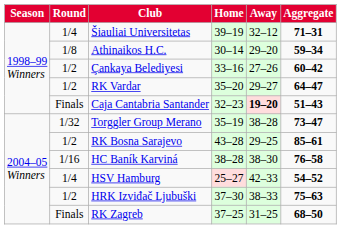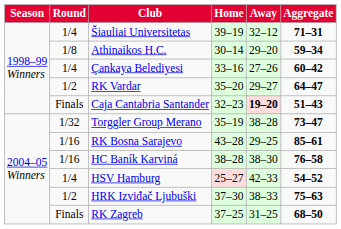 <table class="wikitable">
 <tr>
 <th style="color:#FFFFFF; background:#E30032">Season</th>
 <th style="color:#FFFFFF; background:#E30032">Round</th>
 <th style="color:#FFFFFF; background:#E30032">Club</th>
 <th style="color:#FFFFFF; background:#E30032">Home</th>
 <th style="color:#FFFFFF; background:#E30032">Away</th>
 <th style="color:#FFFFFF; background:#E30032">Aggregate</th>
 </tr>
 <tr>
 <td rowspan=5><a href='#'>1998–99</a><br> <em>Winners</em></td>
 <td align=center>1/4</td>
 <td> <a href='#'>Šiauliai Universitetas</a></td>
 <td style="text-align:center; background:#dfd;">39–19</td>
 <td style="text-align:center; background:#dfd;">32–12</td>
 <td style="text-align:center;"><strong>71–31</strong></td>
 </tr>
 <tr>
 <td align=center>1/8</td>
 <td> <a href='#'>Athinaikos H.C.</a></td>
 <td style="text-align:center; background:#dfd;">30–14</td>
 <td style="text-align:center; background:#dfd;">29–20</td>
 <td style="text-align:center;"><strong>59–34</strong></td>
 </tr>
 <tr>
-<td align=center>1/2</td>
+<td align=center>1/4</td>
 <td> <a href='#'>Çankaya Belediyesi</a></td>
 <td style="text-align:center; background:#dfd;">33–16</td>
 <td style="text-align:center; background:#dfd;">27–26</td>
 <td style="text-align:center;"><strong>60–42</strong></td>
 </tr>
 <tr>
 <td align=center>1/2</td>
 <td> <a href='#'>RK Vardar</a></td>
 <td style="text-align:center; background:#dfd;">35–20</td>
 <td style="text-align:center; background:#dfd;">29–27</td>
 <td style="text-align:center;"><strong>64–47</strong></td>
 </tr>
 <tr>
 <td align=center>Finals</td>
 <td> <a href='#'>Caja Cantabria Santander</a></td>
 <td style="text-align:center; background:#dfd;">32–23</td>
 <td style="text-align:center; background:#fdd;"><strong>19–20</strong></td>
 <td style="text-align:center;"><strong>51–43</strong></td>
 </tr>
 <tr>
 <td rowspan=6><a href='#'>2004–05</a><br> <em>Winners</em></td>
 <td align=center>1/32</td>
 <td> <a href='#'>Torggler Group Merano</a></td>
 <td style="text-align:center; background:#dfd;">35–19</td>
 <td style="text-align:center; background:#dfd;">38–28</td>
 <td style="text-align:center;"><strong>73–47</strong></td>
 </tr>
 <tr>
-<td align=center>1/2</td>
+<td align=center>1/16</td>
 <td> <a href='#'>RK Bosna Sarajevo</a></td>
 <td style="text-align:center; background:#dfd;">43–28</td>
 <td style="text-align:center; background:#dfd;">29–25</td>
 <td style="text-align:center;"><strong>85–61</strong></td>
 </tr>
 <tr>
 <td align=center>1/16</td>
 <td> <a href='#'>HC Baník Karviná</a></td>
 <td style="text-align:center; background:#dfd;">38–28</td>
 <td style="text-align:center; background:#dfd;">38–30</td>
 <td style="text-align:center;"><strong>76–58</strong></td>
 </tr>
 <tr>
 <td align=center>1/4</td>
 <td> <a href='#'>HSV Hamburg</a></td>
 <td style="text-align:center; background:#fdd;">25–27</td>
 <td style="text-align:center; background:#dfd;">42–33</td>
 <td style="text-align:center;"><strong>54–52</strong></td>
 </tr>
 <tr>
 <td align=center>1/2</td>
 <td> <a href='#'>HRK Izviđač Ljubuški</a></td>
 <td style="text-align:center; background:#dfd;">37–30</td>
 <td style="text-align:center; background:#dfd;">38–33</td>
 <td style="text-align:center;"><strong>75–63</strong></td>
 </tr>
 <tr>
 <td align=center>Finals</td>
 <td> <a href='#'>RK Zagreb</a></td>
 <td style="text-align:center; background:#dfd;">37–25</td>
 <td style="text-align:center; background:#dfd;">31–25</td>
 <td style="text-align:center;"><strong>68–50</strong></td>
 </tr>
 </table>
